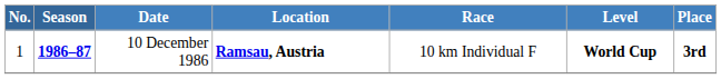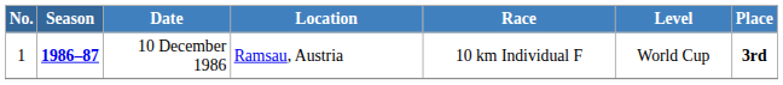 <table class="wikitable sortable" style="font-size:95%; text-align:center; border:grey solid 1px; border-collapse:collapse; background:#ffffff;">
 <tr style="background:#efefef;">
 <th style="background-color:#369; color:white;">No.</th>
 <th style="background-color:#369; color:white;">Season</th>
 <th style="background-color:#4180be; color:white; width:110px;">Date</th>
 <th style="background-color:#4180be; color:white; width:170px;">Location</th>
 <th style="background-color:#4180be; color:white; width:170px;">Race</th>
 <th style="background-color:#4180be; color:white; width:100px;">Level</th>
 <th style="background-color:#4180be; color:white;">Place</th>
 </tr>
 <tr>
 <td align=center>1</td>
 <td rowspan=1 align=center><strong><a href='#'>1986–87</a></strong></td>
 <td align=right>10 December 1986</td>
-<td align=left><strong> <a href='#'>Ramsau</a>, Austria</strong></td>
+<td align=left> <a href='#'>Ramsau</a>, Austria</td>
 <td>10 km Individual F</td>
-<td><strong>World Cup</strong></td>
+<td>World Cup</td>
 <td><strong>3rd</strong></td>
 </tr>
 <tr>
 </tr>
 </table>
